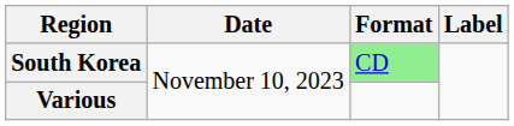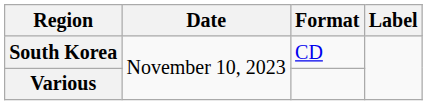 <table class="wikitable plainrowheaders">
 <tr>
 <th scope="col">Region</th>
 <th scope="col">Date</th>
 <th scope="col">Format</th>
 <th scope="col">Label</th>
 </tr>
 <tr>
 <th scope="row">South Korea</th>
 <td rowspan="2">November 10, 2023</td>
-<td style="background: lightgreen;"><a href='#'>CD</a></td>
+<td><a href='#'>CD</a></td>
 <td rowspan="2"></td>
 </tr>
 <tr>
 <th scope="row">Various </th>
 <td></td>
 </tr>
 </table>
